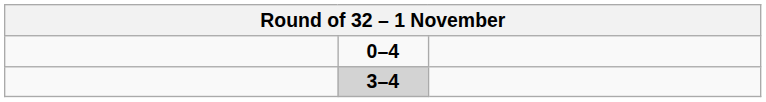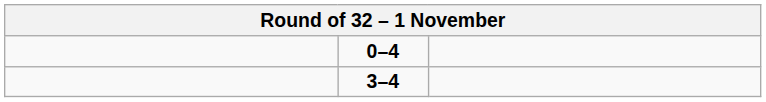 <table class="wikitable" style="text-align: center; font-size:90% ">
 <tr>
 <th colspan=3>Round of 32 – 1 November</th>
 </tr>
 <tr>
 <td align=left width="240"></td>
 <td align=center width="60"><strong>0–4</strong></td>
 <td align=left width="240"><strong></strong></td>
 </tr>
 <tr>
 <td align=left></td>
-<td align=center style="background: lightgrey;"><strong>3–4</strong></td>
+<td align=center><strong>3–4</strong></td>
 <td align=left><strong></strong></td>
 </tr>
 </table>
